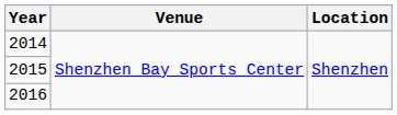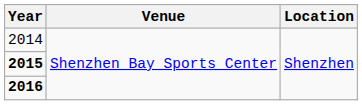 <table class="wikitable">
 <tr>
 <th>Year</th>
 <th>Venue</th>
 <th>Location</th>
 </tr>
 <tr>
 <td>2014</td>
 <td rowspan="3"><a href='#'>Shenzhen Bay Sports Center</a></td>
 <td rowspan="3"><a href='#'>Shenzhen</a></td>
 </tr>
 <tr>
-<td>2015</td>
+<td><strong>2015</strong></td>
 </tr>
 <tr>
-<td>2016</td>
+<td><strong>2016</strong></td>
 </tr>
 </table>
